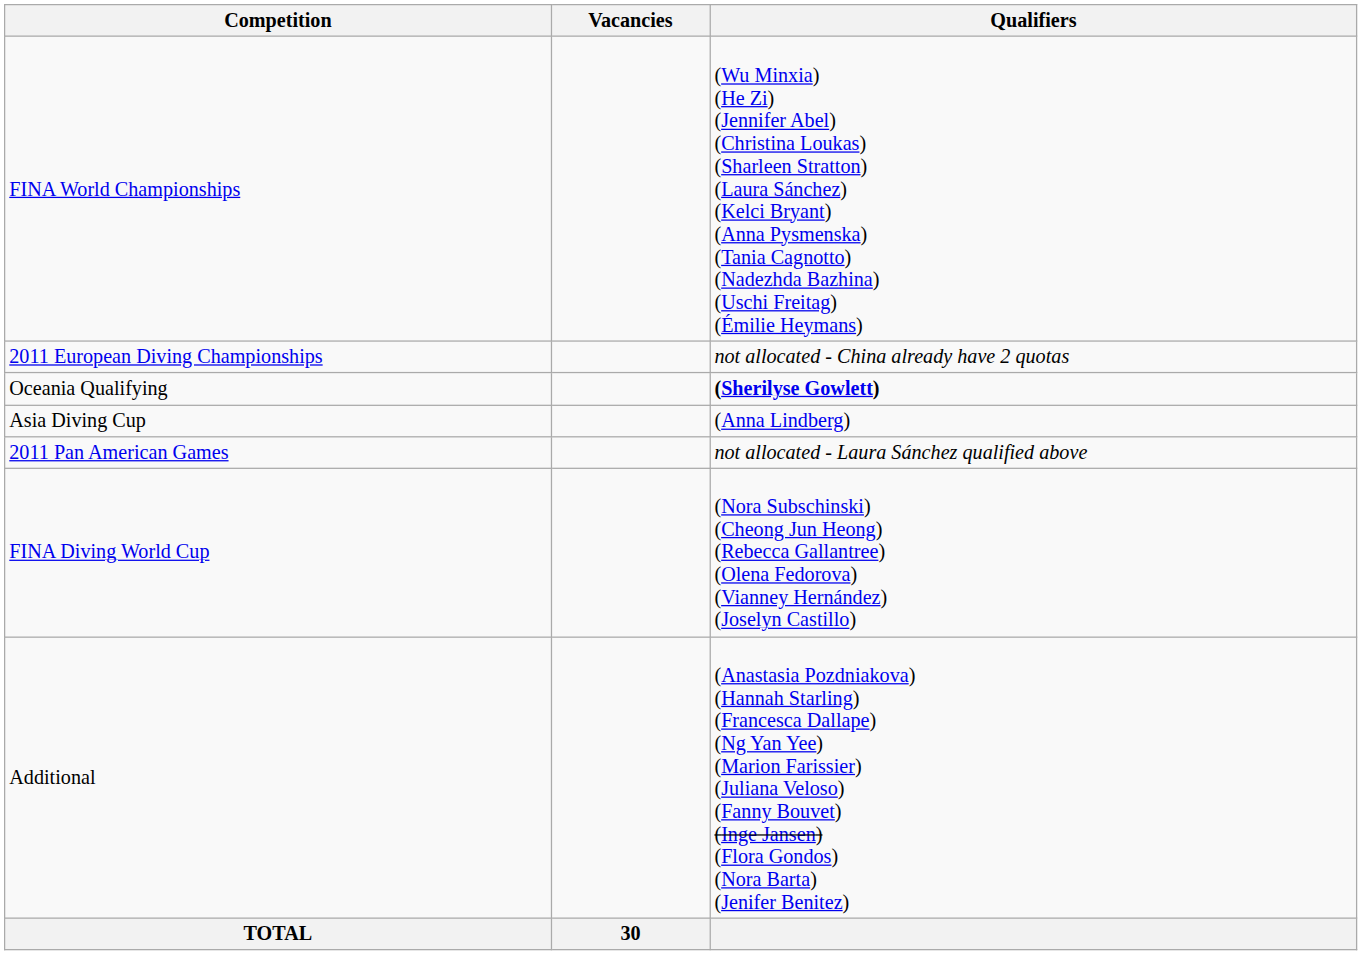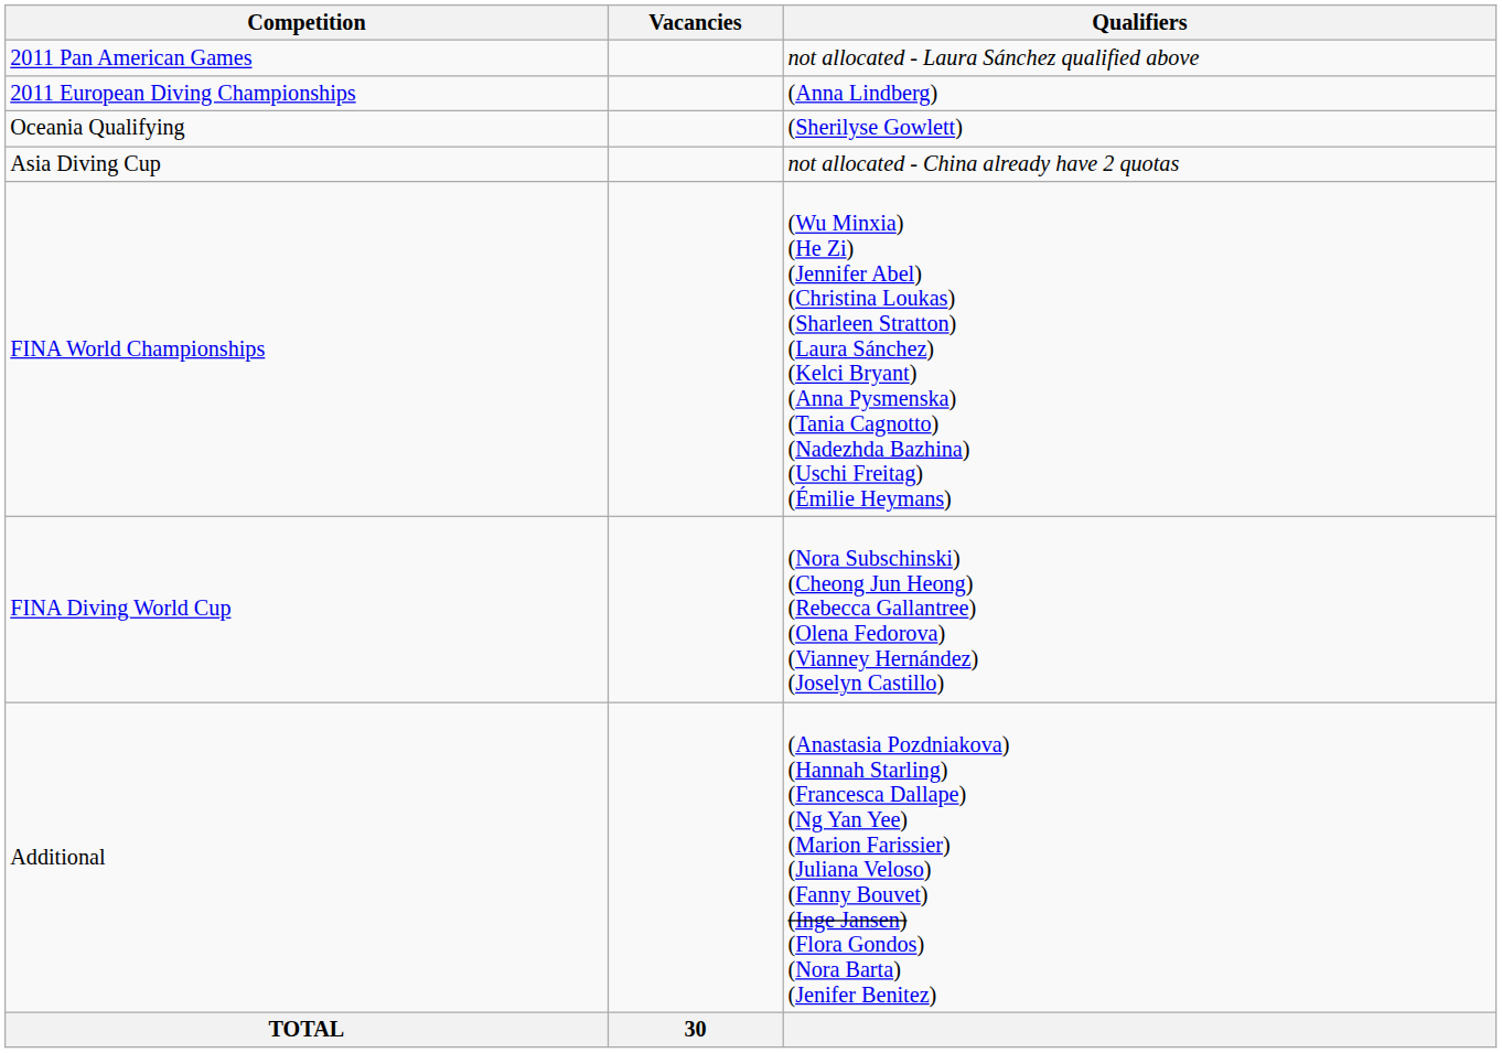 <table class="wikitable" width=85%>
 <tr>
 <th>Competition</th>
 <th>Vacancies</th>
 <th>Qualifiers</th>
 </tr>
 <tr>
-<td><a href='#'>FINA World Championships</a></td>
+<td><a href='#'>2011 Pan American Games</a></td>
 <td></td>
-<td><br> (<a href='#'>Wu Minxia</a>)<br>  (<a href='#'>He Zi</a>)<br>  (<a href='#'>Jennifer Abel</a>)<br>  (<a href='#'>Christina Loukas</a>)<br>  (<a href='#'>Sharleen Stratton</a>)<br>  (<a href='#'>Laura Sánchez</a>)<br>  (<a href='#'>Kelci Bryant</a>)<br>  (<a href='#'>Anna Pysmenska</a>)<br>  (<a href='#'>Tania Cagnotto</a>)<br>  (<a href='#'>Nadezhda Bazhina</a>)<br>  (<a href='#'>Uschi Freitag</a>)<br>  (<a href='#'>Émilie Heymans</a>)</td>
+<td><em>not allocated - Laura Sánchez qualified above</em></td>
 </tr>
 <tr>
 <td><a href='#'>2011 European Diving Championships</a></td>
 <td></td>
-<td><em>not allocated - China already have 2 quotas</em></td>
+<td> (<a href='#'>Anna Lindberg</a>)</td>
 </tr>
 <tr>
 <td>Oceania Qualifying</td>
 <td></td>
-<td><strong> (<a href='#'>Sherilyse Gowlett</a>)</strong></td>
+<td> (<a href='#'>Sherilyse Gowlett</a>)</td>
 </tr>
 <tr>
 <td>Asia Diving Cup</td>
 <td></td>
-<td> (<a href='#'>Anna Lindberg</a>)</td>
+<td><em>not allocated - China already have 2 quotas</em></td>
 </tr>
 <tr>
-<td><a href='#'>2011 Pan American Games</a></td>
+<td><a href='#'>FINA World Championships</a></td>
 <td></td>
-<td><em>not allocated - Laura Sánchez qualified above</em></td>
+<td><br> (<a href='#'>Wu Minxia</a>)<br>  (<a href='#'>He Zi</a>)<br>  (<a href='#'>Jennifer Abel</a>)<br>  (<a href='#'>Christina Loukas</a>)<br>  (<a href='#'>Sharleen Stratton</a>)<br>  (<a href='#'>Laura Sánchez</a>)<br>  (<a href='#'>Kelci Bryant</a>)<br>  (<a href='#'>Anna Pysmenska</a>)<br>  (<a href='#'>Tania Cagnotto</a>)<br>  (<a href='#'>Nadezhda Bazhina</a>)<br>  (<a href='#'>Uschi Freitag</a>)<br>  (<a href='#'>Émilie Heymans</a>)</td>
 </tr>
 <tr>
 <td><a href='#'>FINA Diving World Cup</a></td>
 <td></td>
 <td><br> (<a href='#'>Nora Subschinski</a>)<br>  (<a href='#'>Cheong Jun Heong</a>)<br>  (<a href='#'>Rebecca Gallantree</a>)<br>  (<a href='#'>Olena Fedorova</a>)<br>  (<a href='#'>Vianney Hernández</a>)<br>  (<a href='#'>Joselyn Castillo</a>)<br></td>
 </tr>
 <tr>
 <td>Additional</td>
 <td></td>
 <td><br> (<a href='#'>Anastasia Pozdniakova</a>)<br>  (<a href='#'>Hannah Starling</a>)<br>  (<a href='#'>Francesca Dallape</a>)<br>  (<a href='#'>Ng Yan Yee</a>)<br>  (<a href='#'>Marion Farissier</a>)<br>  (<a href='#'>Juliana Veloso</a>)<br>  (<a href='#'>Fanny Bouvet</a>)<br> <s> (<a href='#'>Inge Jansen</a>)</s><br>  (<a href='#'>Flora Gondos</a>)<br>  (<a href='#'>Nora Barta</a>)<br>  (<a href='#'>Jenifer Benitez</a>)<br></td>
 </tr>
 <tr>
 <th>TOTAL</th>
 <th>30</th>
 <th></th>
 </tr>
 </table>
